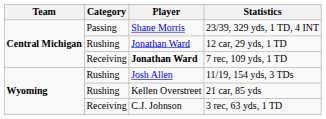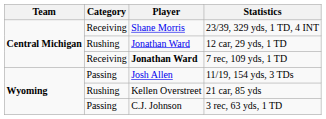 <table class="wikitable">
 <tr>
 <th>Team</th>
 <th>Category</th>
 <th>Player</th>
 <th>Statistics</th>
 </tr>
 <tr>
 <td rowspan=3><strong>Central Michigan</strong></td>
-<td>Passing</td>
+<td>Receiving</td>
 <td><a href='#'>Shane Morris</a></td>
 <td>23/39, 329 yds, 1 TD, 4 INT</td>
 </tr>
 <tr>
 <td>Rushing</td>
 <td><a href='#'>Jonathan Ward</a></td>
 <td>12 car, 29 yds, 1 TD</td>
 </tr>
 <tr>
 <td>Receiving</td>
 <td><strong>Jonathan Ward</strong></td>
 <td>7 rec, 109 yds, 1 TD</td>
 </tr>
 <tr>
 <td rowspan=3><strong>Wyoming</strong></td>
-<td>Rushing</td>
+<td>Passing</td>
 <td><a href='#'>Josh Allen</a></td>
 <td>11/19, 154 yds, 3 TDs</td>
 </tr>
 <tr>
 <td>Rushing</td>
 <td>Kellen Overstreet</td>
 <td>21 car, 85 yds</td>
 </tr>
 <tr>
-<td>Receiving</td>
+<td>Passing</td>
 <td>C.J. Johnson</td>
 <td>3 rec, 63 yds, 1 TD</td>
 </tr>
 </table>
